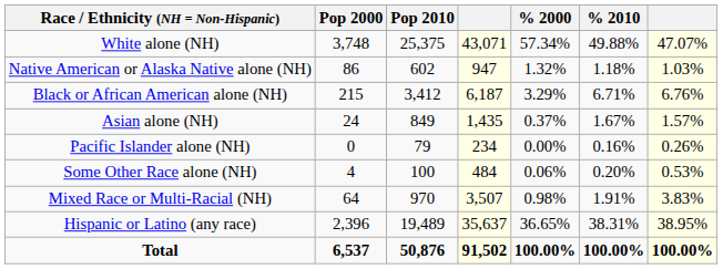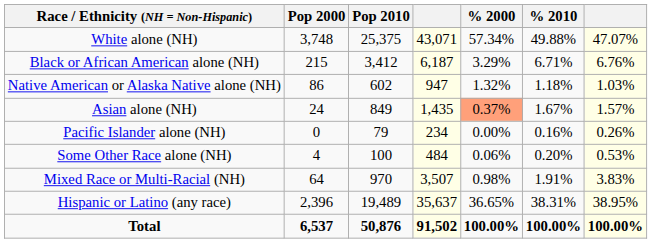 <table class="wikitable" style="text-align:center;">
 <tr>
 <th>Race / Ethnicity <small>(<em>NH = Non-Hispanic</em>)</small></th>
 <th>Pop 2000</th>
 <th>Pop 2010</th>
 <th></th>
 <th>% 2000</th>
 <th>% 2010</th>
 <th></th>
 </tr>
 <tr>
 <td><a href='#'>White</a> alone (NH)</td>
 <td>3,748</td>
 <td>25,375</td>
 <td style='background: #ffffe6;'>43,071</td>
 <td>57.34%</td>
 <td>49.88%</td>
 <td style='background: #ffffe6;'>47.07%</td>
 </tr>
 <tr>
+<td><a href='#'>Black or African American</a> alone (NH)</td>
+<td>215</td>
+<td>3,412</td>
+<td style='background: #ffffe6;'>6,187</td>
+<td>3.29%</td>
+<td>6.71%</td>
+<td style='background: #ffffe6;'>6.76%</td>
+</tr>
+<tr>
 <td><a href='#'>Native American</a> or <a href='#'>Alaska Native</a> alone (NH)</td>
 <td>86</td>
 <td>602</td>
 <td style='background: #ffffe6;'>947</td>
 <td>1.32%</td>
 <td>1.18%</td>
 <td style='background: #ffffe6;'>1.03%</td>
 </tr>
 <tr>
-<td><a href='#'>Black or African American</a> alone (NH)</td>
-<td>215</td>
-<td>3,412</td>
-<td style='background: #ffffe6;'>6,187</td>
-<td>3.29%</td>
-<td>6.71%</td>
-<td style='background: #ffffe6;'>6.76%</td>
-</tr>
-<tr>
 <td><a href='#'>Asian</a> alone (NH)</td>
 <td>24</td>
 <td>849</td>
 <td style='background: #ffffe6;'>1,435</td>
-<td>0.37%</td>
+<td style="background: lightsalmon;">0.37%</td>
 <td>1.67%</td>
 <td style='background: #ffffe6;'>1.57%</td>
 </tr>
 <tr>
 <td><a href='#'>Pacific Islander</a> alone (NH)</td>
 <td>0</td>
 <td>79</td>
 <td style='background: #ffffe6;'>234</td>
 <td>0.00%</td>
 <td>0.16%</td>
 <td style='background: #ffffe6;'>0.26%</td>
 </tr>
 <tr>
 <td><a href='#'>Some Other Race</a> alone (NH)</td>
 <td>4</td>
 <td>100</td>
 <td style='background: #ffffe6;'>484</td>
 <td>0.06%</td>
 <td>0.20%</td>
 <td style='background: #ffffe6;'>0.53%</td>
 </tr>
 <tr>
 <td><a href='#'>Mixed Race or Multi-Racial</a> (NH)</td>
 <td>64</td>
 <td>970</td>
 <td style='background: #ffffe6;'>3,507</td>
 <td>0.98%</td>
 <td>1.91%</td>
 <td style='background: #ffffe6;'>3.83%</td>
 </tr>
 <tr>
 <td><a href='#'>Hispanic or Latino</a> (any race)</td>
 <td>2,396</td>
 <td>19,489</td>
 <td style='background: #ffffe6;'>35,637</td>
 <td>36.65%</td>
 <td>38.31%</td>
 <td style='background: #ffffe6;'>38.95%</td>
 </tr>
 <tr>
 <td><strong>Total</strong></td>
 <td><strong>6,537</strong></td>
 <td><strong>50,876</strong></td>
 <td style='background: #ffffe6;'><strong>91,502</strong></td>
 <td><strong>100.00%</strong></td>
 <td><strong>100.00%</strong></td>
 <td style='background: #ffffe6;'><strong>100.00%</strong></td>
 </tr>
 </table>
